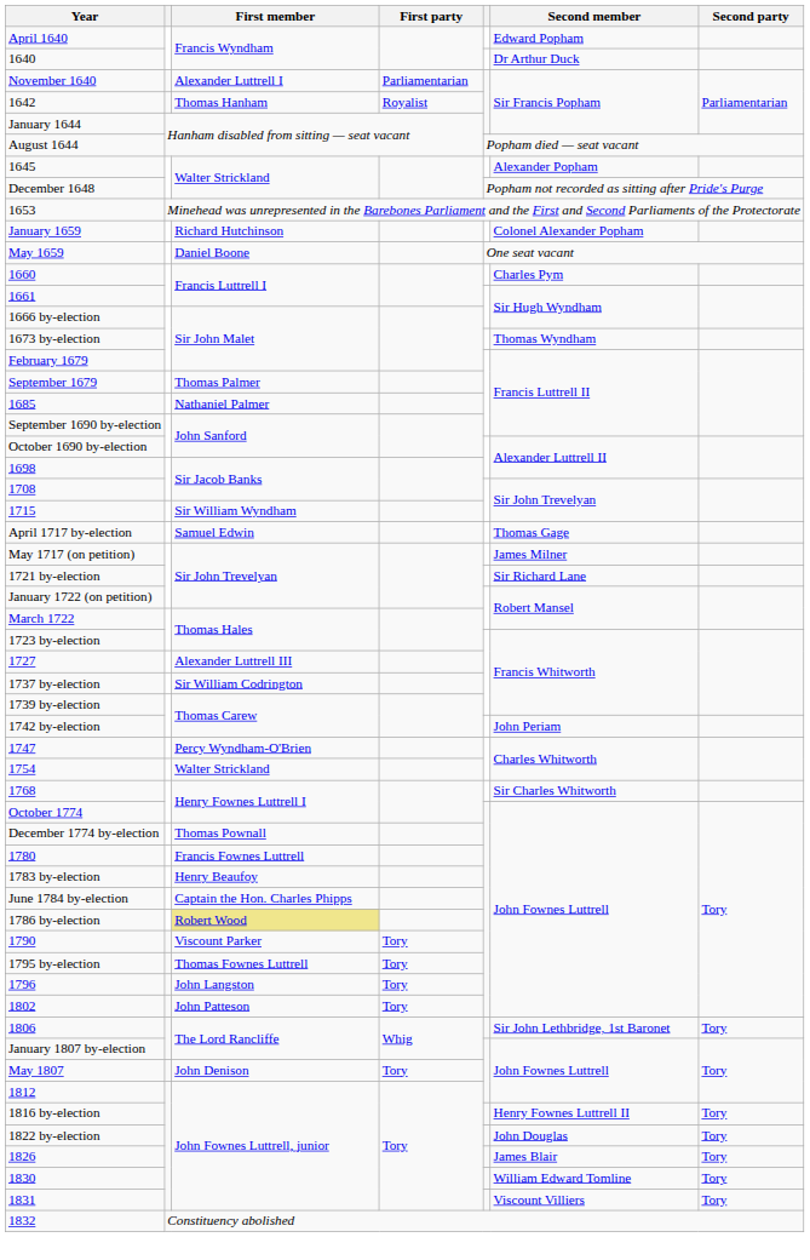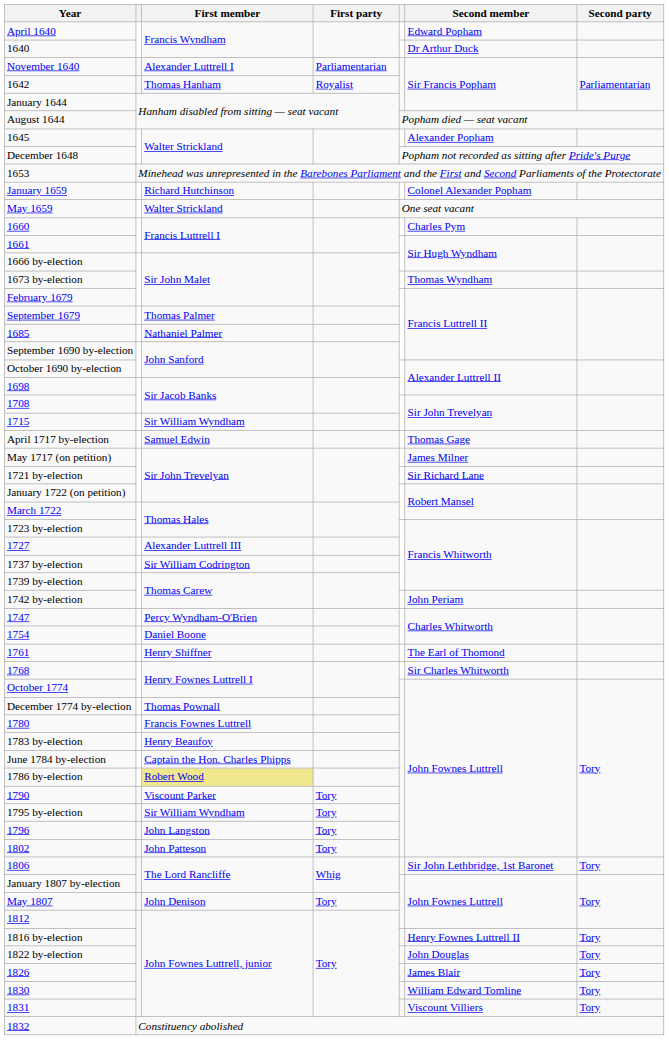 <table class="wikitable">
 <tr>
 <th>Year</th>
 <th></th>
 <th>First member</th>
 <th>First party</th>
 <th></th>
 <th>Second member</th>
 <th>Second party</th>
 </tr>
 <tr>
 <td><a href='#'>April 1640</a></td>
 <td rowspan="2" style="color:inherit;background-color: white"></td>
 <td rowspan="2"><a href='#'>Francis Wyndham</a></td>
 <td rowspan="2"></td>
 <td style="color:inherit;background-color: white"></td>
 <td><a href='#'>Edward Popham</a></td>
 <td></td>
 </tr>
 <tr>
 <td>1640</td>
 <td style="color:inherit;background-color: white"></td>
 <td><a href='#'>Dr Arthur Duck</a></td>
 <td></td>
 </tr>
 <tr>
 <td><a href='#'>November 1640</a></td>
 <td style="color:inherit;background-color: "></td>
 <td><a href='#'>Alexander Luttrell I</a></td>
 <td><a href='#'>Parliamentarian</a></td>
 <td rowspan=3 style="color:inherit;background-color: "></td>
 <td rowspan=3><a href='#'>Sir Francis Popham</a></td>
 <td rowspan=3><a href='#'>Parliamentarian</a></td>
 </tr>
 <tr>
 <td>1642</td>
 <td style="color:inherit;background-color: "></td>
 <td><a href='#'>Thomas Hanham</a></td>
 <td><a href='#'>Royalist</a></td>
 </tr>
 <tr>
 <td>January 1644</td>
 <td rowspan="2" colspan="3"><em>Hanham disabled from sitting — seat vacant</em></td>
 </tr>
 <tr>
 <td>August 1644</td>
 <td colspan="3"><em>Popham died — seat vacant</em></td>
 </tr>
 <tr>
 <td>1645</td>
 <td rowspan="2" style="color:inherit;background-color: white"></td>
 <td rowspan="2"><a href='#'>Walter Strickland</a></td>
 <td rowspan="2"></td>
 <td style="color:inherit;background-color: white"></td>
 <td><a href='#'>Alexander Popham</a></td>
 <td></td>
 </tr>
 <tr>
 <td>December 1648</td>
 <td colspan="3"><em>Popham not recorded as sitting after <a href='#'>Pride's Purge</a></em></td>
 </tr>
 <tr>
 <td>1653</td>
 <td colspan="6"><em>Minehead was unrepresented in the <a href='#'>Barebones Parliament</a> and the <a href='#'>First</a> and <a href='#'>Second</a> Parliaments of the Protectorate</em></td>
 </tr>
 <tr>
 <td><a href='#'>January 1659</a></td>
 <td style="color:inherit;background-color: white"></td>
 <td><a href='#'>Richard Hutchinson</a></td>
 <td></td>
 <td style="color:inherit;background-color: white"></td>
 <td><a href='#'>Colonel Alexander Popham</a></td>
 <td></td>
 </tr>
 <tr>
 <td><a href='#'>May 1659</a></td>
 <td style="color:inherit;background-color: white"></td>
-<td><a href='#'>Daniel Boone</a></td>
+<td><a href='#'>Walter Strickland</a></td>
 <td></td>
 <td colspan="3"><em>One seat vacant</em></td>
 </tr>
 <tr>
 <td><a href='#'>1660</a></td>
 <td rowspan="2" style="color:inherit;background-color: white"></td>
 <td rowspan="2"><a href='#'>Francis Luttrell I</a></td>
 <td rowspan="2"></td>
 <td style="color:inherit;background-color: white"></td>
 <td><a href='#'>Charles Pym</a></td>
 <td></td>
 </tr>
 <tr>
 <td><a href='#'>1661</a></td>
 <td rowspan="2" style="color:inherit;background-color: white"></td>
 <td rowspan="2"><a href='#'>Sir Hugh Wyndham</a></td>
 <td rowspan="2"></td>
 </tr>
 <tr>
 <td>1666 by-election</td>
 <td rowspan="3" style="color:inherit;background-color: white"></td>
 <td rowspan="3"><a href='#'>Sir John Malet</a></td>
 <td rowspan="3"></td>
 </tr>
 <tr>
 <td>1673 by-election</td>
 <td style="color:inherit;background-color: white"></td>
 <td><a href='#'>Thomas Wyndham</a></td>
 <td></td>
 </tr>
 <tr>
 <td><a href='#'>February 1679</a></td>
 <td rowspan="4" style="color:inherit;background-color: white"></td>
 <td rowspan="4"><a href='#'>Francis Luttrell II</a></td>
 <td rowspan="4"></td>
 </tr>
 <tr>
 <td><a href='#'>September 1679</a></td>
 <td style="color:inherit;background-color: white"></td>
 <td><a href='#'>Thomas Palmer</a></td>
 <td></td>
 </tr>
 <tr>
 <td><a href='#'>1685</a></td>
 <td style="color:inherit;background-color: white"></td>
 <td><a href='#'>Nathaniel Palmer</a></td>
 <td></td>
 </tr>
 <tr>
 <td>September 1690 by-election</td>
 <td rowspan="2" style="color:inherit;background-color: white"></td>
 <td rowspan="2"><a href='#'>John Sanford</a></td>
 <td rowspan="2"></td>
 </tr>
 <tr>
 <td>October 1690 by-election</td>
 <td rowspan="2" style="color:inherit;background-color: white"></td>
 <td rowspan="2"><a href='#'>Alexander Luttrell II</a></td>
 <td rowspan="2"></td>
 </tr>
 <tr>
 <td><a href='#'>1698</a></td>
 <td rowspan="2" style="color:inherit;background-color: white"></td>
 <td rowspan="2"><a href='#'>Sir Jacob Banks</a></td>
 <td rowspan="2"></td>
 </tr>
 <tr>
 <td><a href='#'>1708</a></td>
 <td rowspan="2" style="color:inherit;background-color: white"></td>
 <td rowspan="2"><a href='#'>Sir John Trevelyan</a></td>
 <td rowspan="2"></td>
 </tr>
 <tr>
 <td><a href='#'>1715</a></td>
 <td style="color:inherit;background-color: white"></td>
 <td><a href='#'>Sir William Wyndham</a></td>
 <td></td>
 </tr>
 <tr>
 <td>April 1717 by-election</td>
 <td style="color:inherit;background-color: white"></td>
 <td><a href='#'>Samuel Edwin</a></td>
 <td></td>
 <td style="color:inherit;background-color: white"></td>
 <td><a href='#'>Thomas Gage</a></td>
 <td></td>
 </tr>
 <tr>
 <td>May 1717 (on petition)</td>
 <td rowspan="3" style="color:inherit;background-color: white"></td>
 <td rowspan="3"><a href='#'>Sir John Trevelyan</a></td>
 <td rowspan="3"></td>
 <td style="color:inherit;background-color: white"></td>
 <td><a href='#'>James Milner</a></td>
 <td></td>
 </tr>
 <tr>
 <td>1721 by-election</td>
 <td style="color:inherit;background-color: white"></td>
 <td><a href='#'>Sir Richard Lane</a></td>
 <td></td>
 </tr>
 <tr>
 <td>January 1722 (on petition)</td>
 <td rowspan="2" style="color:inherit;background-color: white"></td>
 <td rowspan="2"><a href='#'>Robert Mansel</a></td>
 <td rowspan="2"></td>
 </tr>
 <tr>
 <td><a href='#'>March 1722</a></td>
 <td rowspan="2" style="color:inherit;background-color: white"></td>
 <td rowspan="2"><a href='#'>Thomas Hales</a></td>
 <td rowspan="2"></td>
 </tr>
 <tr>
 <td>1723 by-election</td>
 <td rowspan="4" style="color:inherit;background-color: white"></td>
 <td rowspan="4"><a href='#'>Francis Whitworth</a></td>
 <td rowspan="4"></td>
 </tr>
 <tr>
 <td><a href='#'>1727</a></td>
 <td style="color:inherit;background-color: white"></td>
 <td><a href='#'>Alexander Luttrell III</a></td>
 <td></td>
 </tr>
 <tr>
 <td>1737 by-election</td>
 <td style="color:inherit;background-color: white"></td>
 <td><a href='#'>Sir William Codrington</a></td>
 <td></td>
 </tr>
 <tr>
 <td>1739 by-election</td>
 <td rowspan="2" style="color:inherit;background-color: white"></td>
 <td rowspan="2"><a href='#'>Thomas Carew</a></td>
 <td rowspan="2"></td>
 </tr>
 <tr>
 <td>1742 by-election</td>
 <td style="color:inherit;background-color: white"></td>
 <td><a href='#'>John Periam</a></td>
 <td></td>
 </tr>
 <tr>
 <td><a href='#'>1747</a></td>
 <td style="color:inherit;background-color: white"></td>
 <td><a href='#'>Percy Wyndham-O'Brien</a></td>
 <td></td>
 <td rowspan="2" style="color:inherit;background-color: white"></td>
 <td rowspan="2"><a href='#'>Charles Whitworth</a></td>
 <td rowspan="2"></td>
 </tr>
 <tr>
 <td><a href='#'>1754</a></td>
 <td style="color:inherit;background-color: white"></td>
-<td><a href='#'>Walter Strickland</a></td>
+<td><a href='#'>Daniel Boone</a></td>
+<td></td>
+</tr>
+<tr>
+<td><a href='#'>1761</a></td>
+<td style="color:inherit;background-color: white"></td>
+<td><a href='#'>Henry Shiffner</a></td>
+<td></td>
+<td style="color:inherit;background-color: white"></td>
+<td><a href='#'>The Earl of Thomond</a></td>
 <td></td>
 </tr>
 <tr>
 <td><a href='#'>1768</a></td>
 <td rowspan="2" style="color:inherit;background-color: white"></td>
 <td rowspan="2"><a href='#'>Henry Fownes Luttrell I</a></td>
 <td rowspan="2"></td>
 <td style="color:inherit;background-color: white"></td>
 <td><a href='#'>Sir Charles Whitworth</a></td>
 <td></td>
 </tr>
 <tr>
 <td><a href='#'>October 1774</a></td>
 <td rowspan="10" style="color:inherit;background-color: "></td>
 <td rowspan="10"><a href='#'>John Fownes Luttrell</a></td>
 <td rowspan="10"><a href='#'>Tory</a></td>
 </tr>
 <tr>
 <td>December 1774 by-election</td>
 <td style="color:inherit;background-color: white"></td>
 <td><a href='#'>Thomas Pownall</a></td>
 <td></td>
 </tr>
 <tr>
 <td><a href='#'>1780</a></td>
 <td style="color:inherit;background-color: white"></td>
 <td><a href='#'>Francis Fownes Luttrell</a></td>
 <td></td>
 </tr>
 <tr>
 <td>1783 by-election</td>
 <td style="color:inherit;background-color: white"></td>
 <td><a href='#'>Henry Beaufoy</a></td>
 <td></td>
 </tr>
 <tr>
 <td>June 1784 by-election</td>
 <td style="color:inherit;background-color: white"></td>
 <td><a href='#'>Captain the Hon. Charles Phipps</a></td>
 <td></td>
 </tr>
 <tr>
 <td>1786 by-election</td>
 <td style="color:inherit;background-color: white"></td>
 <td style="background: khaki;"><a href='#'>Robert Wood</a></td>
 <td></td>
 </tr>
 <tr>
 <td><a href='#'>1790</a></td>
 <td style="color:inherit;background-color: "></td>
 <td><a href='#'>Viscount Parker</a></td>
 <td><a href='#'>Tory</a></td>
 </tr>
 <tr>
 <td>1795 by-election</td>
 <td style="color:inherit;background-color: "></td>
-<td><a href='#'>Thomas Fownes Luttrell</a></td>
+<td><a href='#'>Sir William Wyndham</a></td>
 <td><a href='#'>Tory</a></td>
 </tr>
 <tr>
 <td><a href='#'>1796</a></td>
 <td style="color:inherit;background-color: "></td>
 <td><a href='#'>John Langston</a></td>
 <td><a href='#'>Tory</a></td>
 </tr>
 <tr>
 <td><a href='#'>1802</a></td>
 <td style="color:inherit;background-color: "></td>
 <td><a href='#'>John Patteson</a></td>
 <td><a href='#'>Tory</a></td>
 </tr>
 <tr>
 <td><a href='#'>1806</a></td>
 <td rowspan="2" style="color:inherit;background-color: "></td>
 <td rowspan="2"><a href='#'>The Lord Rancliffe</a></td>
 <td rowspan="2"><a href='#'>Whig</a></td>
 <td style="color:inherit;background-color: "></td>
 <td><a href='#'>Sir John Lethbridge, 1st Baronet</a></td>
 <td><a href='#'>Tory</a></td>
 </tr>
 <tr>
 <td>January 1807 by-election</td>
 <td rowspan="3" style="color:inherit;background-color: "></td>
 <td rowspan="3"><a href='#'>John Fownes Luttrell</a></td>
 <td rowspan="3"><a href='#'>Tory</a></td>
 </tr>
 <tr>
 <td><a href='#'>May 1807</a></td>
 <td style="color:inherit;background-color: "></td>
 <td><a href='#'>John Denison</a></td>
 <td><a href='#'>Tory</a></td>
 </tr>
 <tr>
 <td><a href='#'>1812</a></td>
 <td rowspan="6" style="color:inherit;background-color: "></td>
 <td rowspan="6"><a href='#'>John Fownes Luttrell, junior</a></td>
 <td rowspan="6"><a href='#'>Tory</a></td>
 </tr>
 <tr>
 <td>1816 by-election</td>
 <td style="color:inherit;background-color: "></td>
 <td><a href='#'>Henry Fownes Luttrell II</a></td>
 <td><a href='#'>Tory</a></td>
 </tr>
 <tr>
 <td>1822 by-election</td>
 <td style="color:inherit;background-color: "></td>
 <td><a href='#'>John Douglas</a></td>
 <td><a href='#'>Tory</a></td>
 </tr>
 <tr>
 <td><a href='#'>1826</a></td>
 <td style="color:inherit;background-color: "></td>
 <td><a href='#'>James Blair</a></td>
 <td><a href='#'>Tory</a></td>
 </tr>
 <tr>
 <td><a href='#'>1830</a></td>
 <td style="color:inherit;background-color: "></td>
 <td><a href='#'>William Edward Tomline</a></td>
 <td><a href='#'>Tory</a></td>
 </tr>
 <tr>
 <td><a href='#'>1831</a></td>
 <td style="color:inherit;background-color: "></td>
 <td><a href='#'>Viscount Villiers</a></td>
 <td><a href='#'>Tory</a></td>
 </tr>
 <tr>
 <td><a href='#'>1832</a></td>
 <td colspan="6"><em>Constituency abolished</em></td>
 </tr>
 </table>
